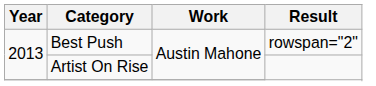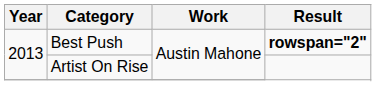 <table class="wikitable">
 <tr>
 <th>Year</th>
 <th>Category</th>
 <th>Work</th>
 <th>Result</th>
 </tr>
 <tr>
 <td rowspan="2">2013</td>
 <td>Best Push</td>
 <td rowspan="2">Austin Mahone</td>
-<td>rowspan="2" </td>
+<td><strong>rowspan="2" </strong></td>
 </tr>
 <tr>
 <td>Artist On Rise</td>
 </tr>
 <tr>
 </tr>
 </table>
